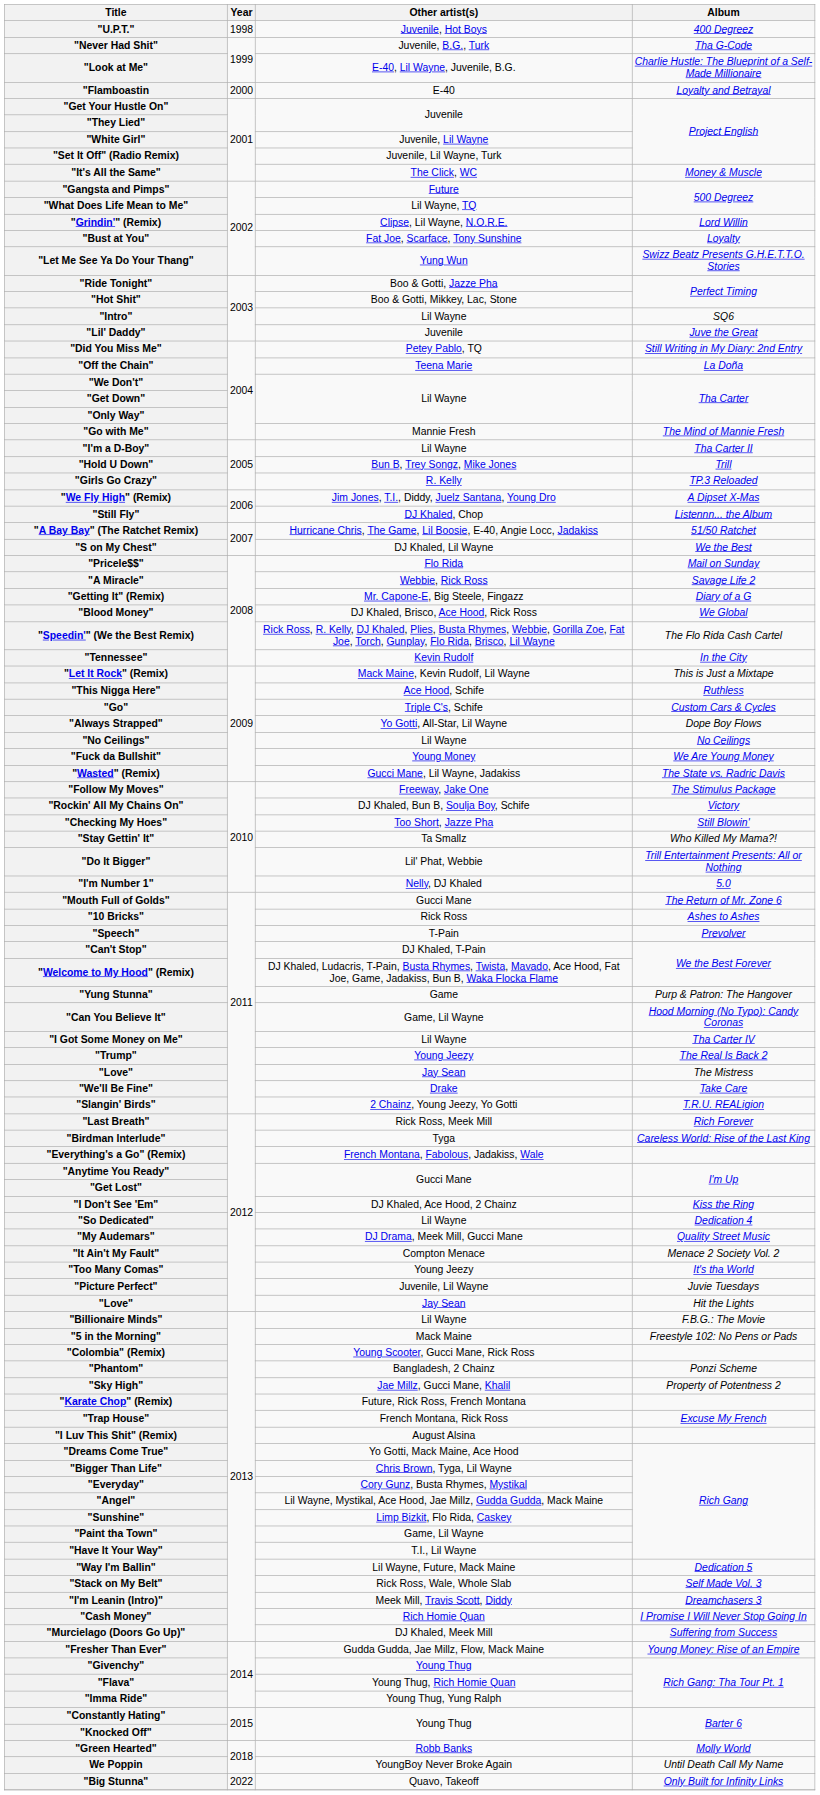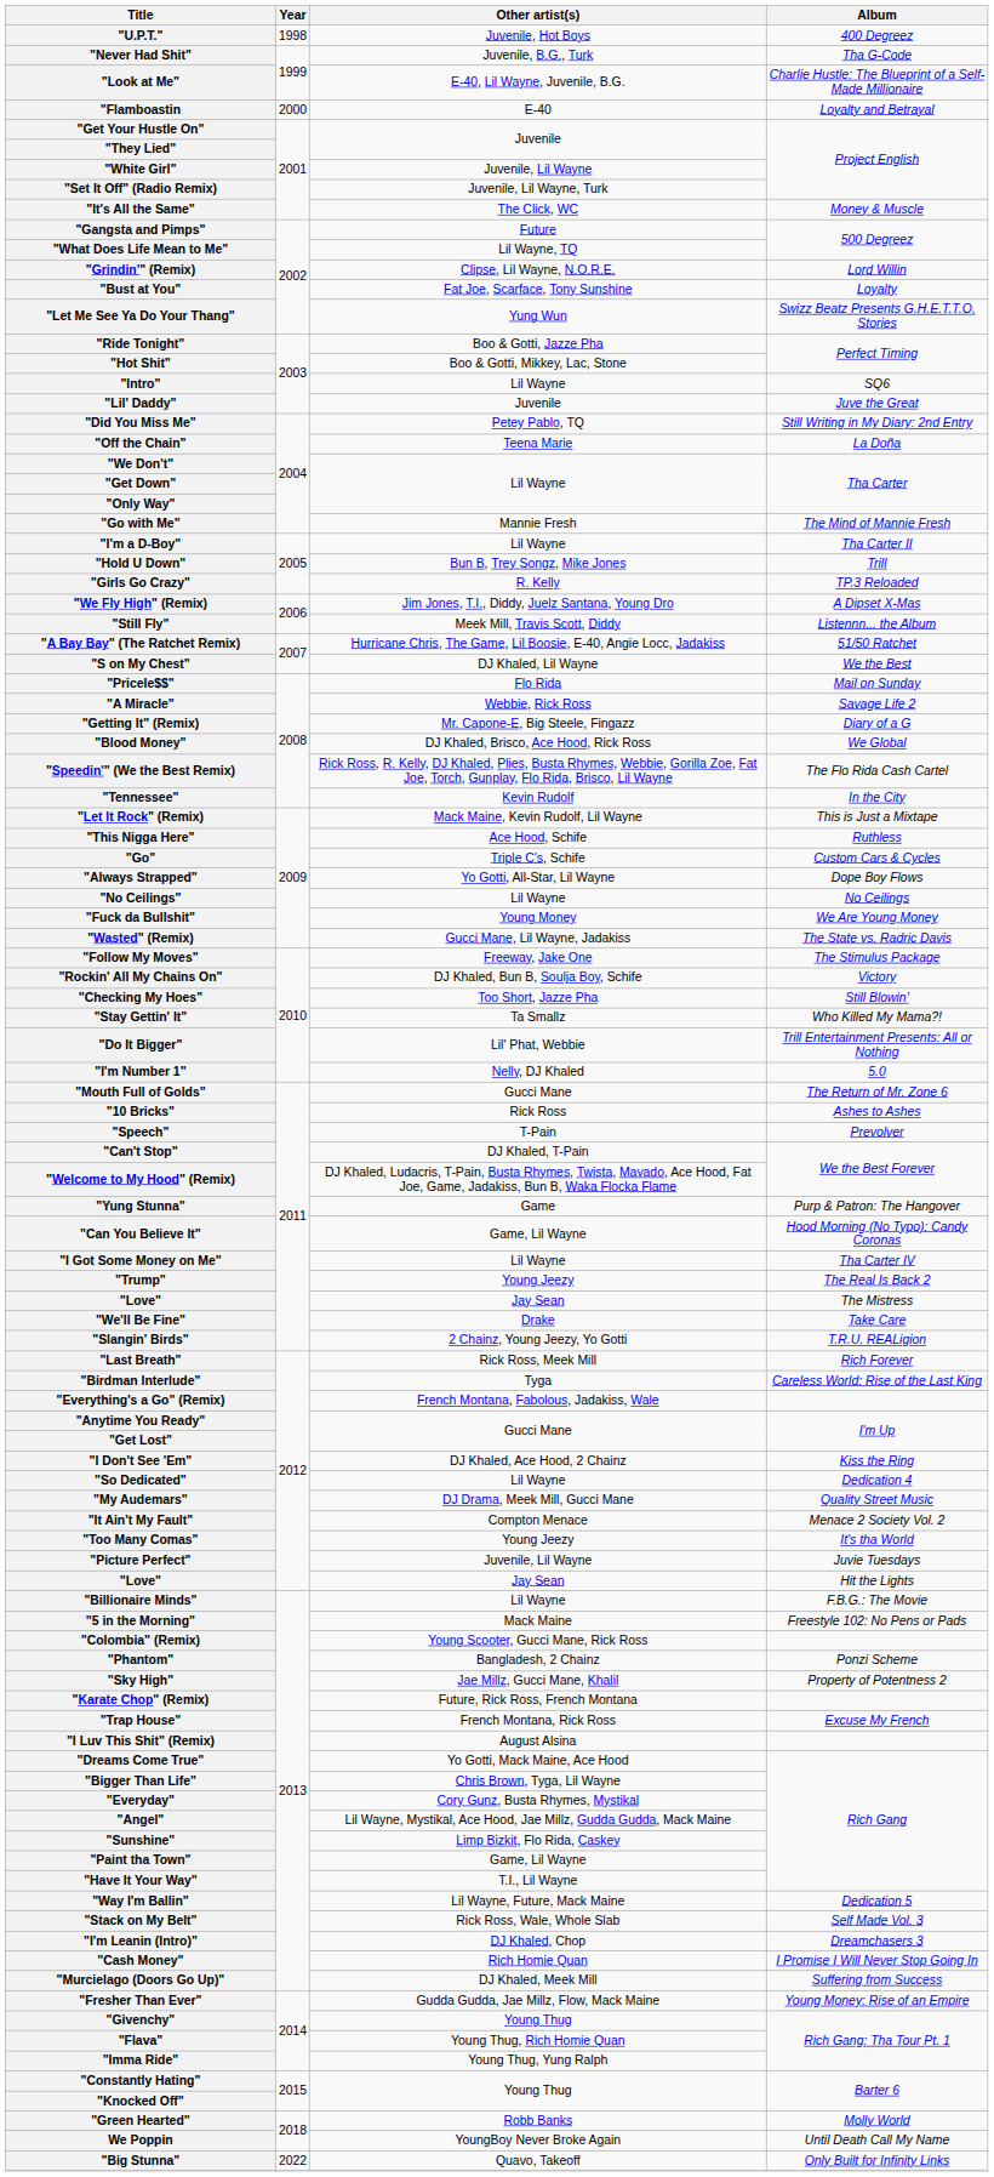 <table class="wikitable plainrowheaders" style="text-align:center;">
 <tr>
 <th scope="col" style="width:21em;">Title</th>
 <th scope="col">Year</th>
 <th scope="col">Other artist(s)</th>
 <th scope="col">Album</th>
 </tr>
 <tr>
 <th scope="row">"U.P.T."</th>
 <td>1998</td>
 <td><a href='#'>Juvenile</a>, <a href='#'>Hot Boys</a></td>
 <td><em><a href='#'>400 Degreez</a></em></td>
 </tr>
 <tr>
 <th scope="row">"Never Had Shit"</th>
 <td rowspan="2">1999</td>
 <td>Juvenile, <a href='#'>B.G.</a>, <a href='#'>Turk</a></td>
 <td><em><a href='#'>Tha G-Code</a></em></td>
 </tr>
 <tr>
 <th scope="row">"Look at Me"</th>
 <td><a href='#'>E-40</a>, <a href='#'>Lil Wayne</a>, Juvenile, B.G.</td>
 <td><em><a href='#'>Charlie Hustle: The Blueprint of a Self-Made Millionaire</a></em></td>
 </tr>
 <tr>
 <th scope="row">"Flamboastin</th>
 <td>2000</td>
 <td>E-40</td>
 <td><em><a href='#'>Loyalty and Betrayal</a></em></td>
 </tr>
 <tr>
 <th scope="row">"Get Your Hustle On"</th>
 <td rowspan="5">2001</td>
 <td rowspan="2">Juvenile</td>
 <td rowspan="4"><em><a href='#'>Project English</a></em></td>
 </tr>
 <tr>
 <th scope="row">"They Lied"</th>
 </tr>
 <tr>
 <th scope="row">"White Girl"</th>
 <td>Juvenile, <a href='#'>Lil Wayne</a></td>
 </tr>
 <tr>
 <th scope="row">"Set It Off" (Radio Remix)</th>
 <td>Juvenile, Lil Wayne, Turk</td>
 </tr>
 <tr>
 <th scope="row">"It's All the Same"</th>
 <td><a href='#'>The Click</a>, <a href='#'>WC</a></td>
 <td><em><a href='#'>Money & Muscle</a></em></td>
 </tr>
 <tr>
 <th scope="row">"Gangsta and Pimps"</th>
 <td rowspan="5">2002</td>
 <td><a href='#'>Future</a></td>
 <td rowspan="2"><em><a href='#'>500 Degreez</a></em></td>
 </tr>
 <tr>
 <th scope="row">"What Does Life Mean to Me"</th>
 <td>Lil Wayne, <a href='#'>TQ</a></td>
 </tr>
 <tr>
 <th scope="row">"<a href='#'>Grindin'</a>" (Remix)</th>
 <td><a href='#'>Clipse</a>, Lil Wayne, <a href='#'>N.O.R.E.</a></td>
 <td><em><a href='#'>Lord Willin</a></em></td>
 </tr>
 <tr>
 <th scope="row">"Bust at You"</th>
 <td><a href='#'>Fat Joe</a>, <a href='#'>Scarface</a>, <a href='#'>Tony Sunshine</a></td>
 <td><em><a href='#'>Loyalty</a></em></td>
 </tr>
 <tr>
 <th scope="row">"Let Me See Ya Do Your Thang"</th>
 <td><a href='#'>Yung Wun</a></td>
 <td><em><a href='#'>Swizz Beatz Presents G.H.E.T.T.O. Stories</a></em></td>
 </tr>
 <tr>
 <th scope="row">"Ride Tonight"</th>
 <td rowspan="4">2003</td>
 <td>Boo & Gotti, <a href='#'>Jazze Pha</a></td>
 <td rowspan="2"><em><a href='#'>Perfect Timing</a></em></td>
 </tr>
 <tr>
 <th scope="row">"Hot Shit"</th>
 <td>Boo & Gotti, Mikkey, Lac, Stone</td>
 </tr>
 <tr>
 <th scope="row">"Intro"</th>
 <td>Lil Wayne</td>
 <td><em>SQ6</em></td>
 </tr>
 <tr>
 <th scope="row">"Lil' Daddy"</th>
 <td>Juvenile</td>
 <td><em><a href='#'>Juve the Great</a></em></td>
 </tr>
 <tr>
 <th scope="row">"Did You Miss Me"</th>
 <td rowspan="6">2004</td>
 <td><a href='#'>Petey Pablo</a>, TQ</td>
 <td><em><a href='#'>Still Writing in My Diary: 2nd Entry</a></em></td>
 </tr>
 <tr>
 <th scope="row">"Off the Chain"</th>
 <td><a href='#'>Teena Marie</a></td>
 <td><em><a href='#'>La Doña</a></em></td>
 </tr>
 <tr>
 <th scope="row">"We Don't"</th>
 <td rowspan="3">Lil Wayne</td>
 <td rowspan="3"><em><a href='#'>Tha Carter</a></em></td>
 </tr>
 <tr>
 <th scope="row">"Get Down"</th>
 </tr>
 <tr>
 <th scope="row">"Only Way"</th>
 </tr>
 <tr>
 <th scope="row">"Go with Me"</th>
 <td>Mannie Fresh</td>
 <td><em><a href='#'>The Mind of Mannie Fresh</a></em></td>
 </tr>
 <tr>
 <th scope="row">"I'm a D-Boy"</th>
 <td rowspan="3">2005</td>
 <td>Lil Wayne</td>
 <td><em><a href='#'>Tha Carter II</a></em></td>
 </tr>
 <tr>
 <th scope="row">"Hold U Down"</th>
 <td><a href='#'>Bun B</a>, <a href='#'>Trey Songz</a>, <a href='#'>Mike Jones</a></td>
 <td><em><a href='#'>Trill</a></em></td>
 </tr>
 <tr>
 <th scope="row">"Girls Go Crazy"</th>
 <td><a href='#'>R. Kelly</a></td>
 <td><em><a href='#'>TP.3 Reloaded</a></em></td>
 </tr>
 <tr>
 <th scope="row">"<a href='#'>We Fly High</a>" (Remix)</th>
 <td rowspan="2">2006</td>
 <td><a href='#'>Jim Jones</a>, <a href='#'>T.I.</a>, Diddy, <a href='#'>Juelz Santana</a>, <a href='#'>Young Dro</a></td>
 <td><em><a href='#'>A Dipset X-Mas</a></em></td>
 </tr>
 <tr>
 <th scope="row">"Still Fly"</th>
-<td><a href='#'>DJ Khaled</a>, Chop</td>
+<td>Meek Mill, <a href='#'>Travis Scott</a>, <a href='#'>Diddy</a></td>
 <td><em><a href='#'>Listennn... the Album</a></em></td>
 </tr>
 <tr>
 <th scope="row">"<a href='#'>A Bay Bay</a>" (The Ratchet Remix)</th>
 <td rowspan="2">2007</td>
 <td><a href='#'>Hurricane Chris</a>, <a href='#'>The Game</a>, <a href='#'>Lil Boosie</a>, E-40, Angie Locc, <a href='#'>Jadakiss</a></td>
 <td><em><a href='#'>51/50 Ratchet</a></em></td>
 </tr>
 <tr>
 <th scope="row">"S on My Chest"</th>
 <td>DJ Khaled, Lil Wayne</td>
 <td><em><a href='#'>We the Best</a></em></td>
 </tr>
 <tr>
 <th scope="row">"Pricele$$"</th>
 <td rowspan="6">2008</td>
 <td><a href='#'>Flo Rida</a></td>
 <td><em><a href='#'>Mail on Sunday</a></em></td>
 </tr>
 <tr>
 <th scope="row">"A Miracle"</th>
 <td><a href='#'>Webbie</a>, <a href='#'>Rick Ross</a></td>
 <td><em><a href='#'>Savage Life 2</a></em></td>
 </tr>
 <tr>
 <th scope="row">"Getting It" (Remix)</th>
 <td><a href='#'>Mr. Capone-E</a>, Big Steele, Fingazz</td>
 <td><em><a href='#'>Diary of a G</a></em></td>
 </tr>
 <tr>
 <th scope="row">"Blood Money"</th>
 <td>DJ Khaled, Brisco, <a href='#'>Ace Hood</a>, Rick Ross</td>
 <td><em><a href='#'>We Global</a></em></td>
 </tr>
 <tr>
 <th scope="row">"<a href='#'>Speedin'</a>" (We the Best Remix)</th>
 <td><a href='#'>Rick Ross</a>, <a href='#'>R. Kelly</a>, <a href='#'>DJ Khaled</a>, <a href='#'>Plies</a>, <a href='#'>Busta Rhymes</a>, <a href='#'>Webbie</a>, <a href='#'>Gorilla Zoe</a>, <a href='#'>Fat Joe</a>, <a href='#'>Torch</a>, <a href='#'>Gunplay</a>, <a href='#'>Flo Rida</a>, <a href='#'>Brisco</a>, <a href='#'>Lil Wayne</a></td>
 <td><em>The Flo Rida Cash Cartel</em></td>
 </tr>
 <tr>
 <th scope="row">"Tennessee"</th>
 <td><a href='#'>Kevin Rudolf</a></td>
 <td><em><a href='#'>In the City</a></em></td>
 </tr>
 <tr>
 <th scope="row">"<a href='#'>Let It Rock</a>" (Remix)</th>
 <td rowspan="7">2009</td>
 <td><a href='#'>Mack Maine</a>, Kevin Rudolf, Lil Wayne</td>
 <td><em>This is Just a Mixtape</em></td>
 </tr>
 <tr>
 <th scope="row">"This Nigga Here"</th>
 <td><a href='#'>Ace Hood</a>, Schife</td>
 <td><em><a href='#'>Ruthless</a></em></td>
 </tr>
 <tr>
 <th scope="row">"Go"</th>
 <td><a href='#'>Triple C's</a>, Schife</td>
 <td><em><a href='#'>Custom Cars & Cycles</a></em></td>
 </tr>
 <tr>
 <th scope="row">"Always Strapped"</th>
 <td><a href='#'>Yo Gotti</a>, All-Star, Lil Wayne</td>
 <td><em>Dope Boy Flows</em></td>
 </tr>
 <tr>
 <th scope="row">"No Ceilings"</th>
 <td>Lil Wayne</td>
 <td><em><a href='#'>No Ceilings</a></em></td>
 </tr>
 <tr>
 <th scope="row">"Fuck da Bullshit"</th>
 <td><a href='#'>Young Money</a></td>
 <td><em><a href='#'>We Are Young Money</a></em></td>
 </tr>
 <tr>
 <th scope="row">"<a href='#'>Wasted</a>" (Remix)</th>
 <td><a href='#'>Gucci Mane</a>, Lil Wayne, Jadakiss</td>
 <td><em><a href='#'>The State vs. Radric Davis</a></em></td>
 </tr>
 <tr>
 <th scope="row">"Follow My Moves"</th>
 <td rowspan="6">2010</td>
 <td><a href='#'>Freeway</a>, <a href='#'>Jake One</a></td>
 <td><em><a href='#'>The Stimulus Package</a></em></td>
 </tr>
 <tr>
 <th scope="row">"Rockin' All My Chains On"</th>
 <td>DJ Khaled, Bun B, <a href='#'>Soulja Boy</a>, Schife</td>
 <td><em><a href='#'>Victory</a></em></td>
 </tr>
 <tr>
 <th scope="row">"Checking My Hoes"</th>
 <td><a href='#'>Too Short</a>, <a href='#'>Jazze Pha</a></td>
 <td><em><a href='#'>Still Blowin'</a></em></td>
 </tr>
 <tr>
 <th scope="row">"Stay Gettin' It"</th>
 <td>Ta Smallz</td>
 <td><em>Who Killed My Mama?!</em></td>
 </tr>
 <tr>
 <th scope="row">"Do It Bigger"</th>
 <td>Lil' Phat, Webbie</td>
 <td><em><a href='#'>Trill Entertainment Presents: All or Nothing</a></em></td>
 </tr>
 <tr>
 <th scope="row">"I'm Number 1"</th>
 <td><a href='#'>Nelly</a>, DJ Khaled</td>
 <td><em><a href='#'>5.0</a></em></td>
 </tr>
 <tr>
 <th scope="row">"Mouth Full of Golds"</th>
 <td rowspan="12">2011</td>
 <td>Gucci Mane</td>
 <td><em><a href='#'>The Return of Mr. Zone 6</a></em></td>
 </tr>
 <tr>
 <th scope="row">"10 Bricks"</th>
 <td>Rick Ross</td>
 <td><em><a href='#'>Ashes to Ashes</a></em></td>
 </tr>
 <tr>
 <th scope="row">"Speech"</th>
 <td>T-Pain</td>
 <td><em><a href='#'>Prevolver</a></em></td>
 </tr>
 <tr>
 <th scope="row">"Can't Stop"</th>
 <td>DJ Khaled, T-Pain</td>
 <td rowspan="2"><em><a href='#'>We the Best Forever</a></em></td>
 </tr>
 <tr>
 <th scope="row">"<a href='#'>Welcome to My Hood</a>" (Remix)</th>
 <td>DJ Khaled, Ludacris, T-Pain, <a href='#'>Busta Rhymes</a>, <a href='#'>Twista</a>, <a href='#'>Mavado</a>, Ace Hood, Fat Joe, Game, Jadakiss, Bun B, <a href='#'>Waka Flocka Flame</a></td>
 </tr>
 <tr>
 <th scope="row">"Yung Stunna"</th>
 <td>Game</td>
 <td><em>Purp & Patron: The Hangover</em></td>
 </tr>
 <tr>
 <th scope="row">"Can You Believe It"</th>
 <td>Game, Lil Wayne</td>
 <td><em><a href='#'>Hood Morning (No Typo): Candy Coronas</a></em></td>
 </tr>
 <tr>
 <th scope="row">"I Got Some Money on Me"</th>
 <td>Lil Wayne</td>
 <td><em><a href='#'>Tha Carter IV</a></em></td>
 </tr>
 <tr>
 <th scope="row">"Trump"</th>
 <td><a href='#'>Young Jeezy</a></td>
 <td><em><a href='#'>The Real Is Back 2</a></em></td>
 </tr>
 <tr>
 <th scope="row">"Love"</th>
 <td><a href='#'>Jay Sean</a></td>
 <td><em>The Mistress</em></td>
 </tr>
 <tr>
 <th scope="row">"We'll Be Fine"</th>
 <td><a href='#'>Drake</a></td>
 <td><em><a href='#'>Take Care</a></em></td>
 </tr>
 <tr>
 <th scope="row">"Slangin' Birds"</th>
 <td><a href='#'>2 Chainz</a>, Young Jeezy, Yo Gotti</td>
 <td><em><a href='#'>T.R.U. REALigion</a></em></td>
 </tr>
 <tr>
 <th scope="row">"Last Breath"</th>
 <td rowspan="12">2012</td>
 <td>Rick Ross, Meek Mill</td>
 <td><em><a href='#'>Rich Forever</a></em></td>
 </tr>
 <tr>
 <th scope="row">"Birdman Interlude"</th>
 <td>Tyga</td>
 <td><em><a href='#'>Careless World: Rise of the Last King</a></em></td>
 </tr>
 <tr>
 <th scope="row">"Everything's a Go" (Remix)</th>
 <td><a href='#'>French Montana</a>, <a href='#'>Fabolous</a>, Jadakiss, <a href='#'>Wale</a></td>
 <td></td>
 </tr>
 <tr>
 <th scope="row">"Anytime You Ready"</th>
 <td rowspan="2">Gucci Mane</td>
 <td rowspan="2"><em><a href='#'>I'm Up</a></em></td>
 </tr>
 <tr>
 <th scope="row">"Get Lost"</th>
 </tr>
 <tr>
 <th scope="row">"I Don't See 'Em"</th>
 <td>DJ Khaled, Ace Hood, 2 Chainz</td>
 <td><em><a href='#'>Kiss the Ring</a></em></td>
 </tr>
 <tr>
 <th scope="row">"So Dedicated"</th>
 <td>Lil Wayne</td>
 <td><em><a href='#'>Dedication 4</a></em></td>
 </tr>
 <tr>
 <th scope="row">"My Audemars"</th>
 <td><a href='#'>DJ Drama</a>, Meek Mill, Gucci Mane</td>
 <td><em><a href='#'>Quality Street Music</a></em></td>
 </tr>
 <tr>
 <th scope="row">"It Ain't My Fault"</th>
 <td>Compton Menace</td>
 <td><em>Menace 2 Society Vol. 2</em></td>
 </tr>
 <tr>
 <th scope="row">"Too Many Comas"</th>
 <td>Young Jeezy</td>
 <td><em><a href='#'>It's tha World</a></em></td>
 </tr>
 <tr>
 <th scope="row">"Picture Perfect"</th>
 <td>Juvenile, Lil Wayne</td>
 <td><em>Juvie Tuesdays</em></td>
 </tr>
 <tr>
 <th scope="row">"Love"</th>
 <td><a href='#'>Jay Sean</a></td>
 <td><em>Hit the Lights</em></td>
 </tr>
 <tr>
 <th scope="row">"Billionaire Minds"</th>
 <td rowspan="20">2013</td>
 <td>Lil Wayne</td>
 <td><em>F.B.G.: The Movie</em></td>
 </tr>
 <tr>
 <th scope="row">"5 in the Morning"</th>
 <td>Mack Maine</td>
 <td><em>Freestyle 102: No Pens or Pads</em></td>
 </tr>
 <tr>
 <th scope="row">"Colombia" (Remix)</th>
 <td><a href='#'>Young Scooter</a>, Gucci Mane, Rick Ross</td>
 <td></td>
 </tr>
 <tr>
 <th scope="row">"Phantom"</th>
 <td>Bangladesh, 2 Chainz</td>
 <td><em>Ponzi Scheme</em></td>
 </tr>
 <tr>
 <th scope="row">"Sky High"</th>
 <td><a href='#'>Jae Millz</a>, Gucci Mane, <a href='#'>Khalil</a></td>
 <td><em>Property of Potentness 2</em></td>
 </tr>
 <tr>
 <th scope="row">"<a href='#'>Karate Chop</a>" (Remix)</th>
 <td>Future, Rick Ross, French Montana</td>
 <td></td>
 </tr>
 <tr>
 <th scope="row">"Trap House"</th>
 <td>French Montana, Rick Ross</td>
 <td><em><a href='#'>Excuse My French</a></em></td>
 </tr>
 <tr>
 <th scope="row">"I Luv This Shit" (Remix)</th>
 <td>August Alsina</td>
 <td></td>
 </tr>
 <tr>
 <th scope="row">"Dreams Come True"</th>
 <td>Yo Gotti, Mack Maine, Ace Hood</td>
 <td rowspan="7"><em><a href='#'>Rich Gang</a></em></td>
 </tr>
 <tr>
 <th scope="row">"Bigger Than Life"</th>
 <td><a href='#'>Chris Brown</a>, Tyga, Lil Wayne</td>
 </tr>
 <tr>
 <th scope="row">"Everyday"</th>
 <td><a href='#'>Cory Gunz</a>, Busta Rhymes, <a href='#'>Mystikal</a></td>
 </tr>
 <tr>
 <th scope="row">"Angel"</th>
 <td>Lil Wayne, Mystikal, Ace Hood, Jae Millz, <a href='#'>Gudda Gudda</a>, Mack Maine</td>
 </tr>
 <tr>
 <th scope="row">"Sunshine"</th>
 <td><a href='#'>Limp Bizkit</a>, Flo Rida, <a href='#'>Caskey</a></td>
 </tr>
 <tr>
 <th scope="row">"Paint tha Town"</th>
 <td>Game, Lil Wayne</td>
 </tr>
 <tr>
 <th scope="row">"Have It Your Way"</th>
 <td>T.I., Lil Wayne</td>
 </tr>
 <tr>
 <th scope="row">"Way I'm Ballin"</th>
 <td>Lil Wayne, Future, Mack Maine</td>
 <td><em><a href='#'>Dedication 5</a></em></td>
 </tr>
 <tr>
 <th scope="row">"Stack on My Belt"</th>
 <td>Rick Ross, Wale, Whole Slab</td>
 <td><em><a href='#'>Self Made Vol. 3</a></em></td>
 </tr>
 <tr>
 <th scope="row">"I'm Leanin (Intro)"</th>
-<td>Meek Mill, <a href='#'>Travis Scott</a>, <a href='#'>Diddy</a></td>
+<td><a href='#'>DJ Khaled</a>, Chop</td>
 <td><em><a href='#'>Dreamchasers 3</a></em></td>
 </tr>
 <tr>
 <th scope= "row">"Cash Money"</th>
 <td><a href='#'>Rich Homie Quan</a></td>
 <td><em><a href='#'>I Promise I Will Never Stop Going In</a></em></td>
 </tr>
 <tr>
 <th scope="row">"Murcielago (Doors Go Up)"</th>
 <td>DJ Khaled, Meek Mill</td>
 <td><em><a href='#'>Suffering from Success</a></em></td>
 </tr>
 <tr>
 <th scope="row">"Fresher Than Ever"</th>
 <td rowspan= "4">2014</td>
 <td>Gudda Gudda, Jae Millz, Flow, Mack Maine</td>
 <td><em><a href='#'>Young Money: Rise of an Empire</a></em></td>
 </tr>
 <tr>
 <th scope= "row">"Givenchy"</th>
 <td><a href='#'>Young Thug</a></td>
 <td rowspan= "3"><em><a href='#'>Rich Gang: Tha Tour Pt. 1</a></em></td>
 </tr>
 <tr>
 <th scope= "row">"Flava"</th>
 <td>Young Thug, <a href='#'>Rich Homie Quan</a></td>
 </tr>
 <tr>
 <th scope= "row">"Imma Ride"</th>
 <td>Young Thug, Yung Ralph</td>
 </tr>
 <tr>
 <th>"Constantly Hating"</th>
 <td rowspan="2">2015</td>
 <td rowspan="2">Young Thug</td>
 <td rowspan="2"><a href='#'><em>Barter 6</em></a></td>
 </tr>
 <tr>
 <th>"Knocked Off"</th>
 </tr>
 <tr>
 <th scope="row">"Green Hearted"</th>
 <td rowspan="2">2018</td>
 <td><a href='#'>Robb Banks</a></td>
 <td><em><a href='#'>Molly World</a></em></td>
 </tr>
 <tr>
 <th scope="row">We Poppin</th>
 <td>YoungBoy Never Broke Again</td>
 <td><em>Until Death Call My Name</em></td>
 </tr>
 <tr>
 <th>"Big Stunna"</th>
 <td>2022</td>
 <td>Quavo, Takeoff</td>
 <td><a href='#'><em>Only Built for Infinity Links</em></a></td>
 </tr>
 <tr>
 </tr>
 </table>
